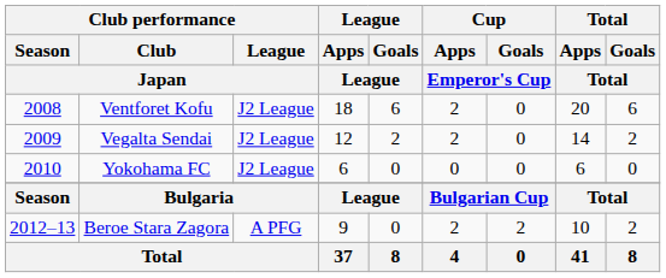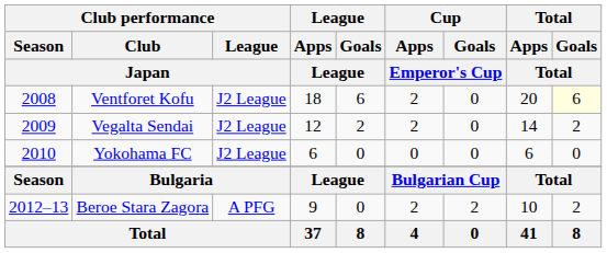 <table class="wikitable" style="text-align:center;">
 <tr>
 <th colspan=3>Club performance</th>
 <th colspan=2>League</th>
 <th colspan=2>Cup</th>
 <th colspan=2>Total</th>
 </tr>
 <tr>
 <th>Season</th>
 <th>Club</th>
 <th>League</th>
 <th>Apps</th>
 <th>Goals</th>
 <th>Apps</th>
 <th>Goals</th>
 <th>Apps</th>
 <th>Goals</th>
 </tr>
 <tr>
 <th colspan=3>Japan</th>
 <th colspan=2>League</th>
 <th colspan=2><a href='#'>Emperor's Cup</a></th>
 <th colspan=2>Total</th>
 </tr>
 <tr>
 <td><a href='#'>2008</a></td>
 <td><a href='#'>Ventforet Kofu</a></td>
 <td><a href='#'>J2 League</a></td>
 <td>18</td>
 <td>6</td>
 <td>2</td>
 <td>0</td>
 <td>20</td>
-<td>6</td>
+<td style="background: lightyellow;">6</td>
 </tr>
 <tr>
 <td><a href='#'>2009</a></td>
 <td><a href='#'>Vegalta Sendai</a></td>
 <td><a href='#'>J2 League</a></td>
 <td>12</td>
 <td>2</td>
 <td>2</td>
 <td>0</td>
 <td>14</td>
 <td>2</td>
 </tr>
 <tr>
 <td><a href='#'>2010</a></td>
 <td><a href='#'>Yokohama FC</a></td>
 <td><a href='#'>J2 League</a></td>
 <td>6</td>
 <td>0</td>
 <td>0</td>
 <td>0</td>
 <td>6</td>
 <td>0</td>
 </tr>
 <tr>
 </tr>
 <tr>
 <th>Season</th>
 <th colspan=2>Bulgaria</th>
 <th colspan=2>League</th>
 <th colspan=2><a href='#'>Bulgarian Cup</a></th>
 <th colspan=2>Total</th>
 </tr>
 <tr>
 <td><a href='#'>2012–13</a></td>
 <td><a href='#'>Beroe Stara Zagora</a></td>
 <td><a href='#'>A PFG</a></td>
 <td>9</td>
 <td>0</td>
 <td>2</td>
 <td>2</td>
 <td>10</td>
 <td>2</td>
 </tr>
 <tr>
 <th colspan=3>Total</th>
 <th>37</th>
 <th>8</th>
 <th>4</th>
 <th>0</th>
 <th>41</th>
 <th>8</th>
 </tr>
 </table>
